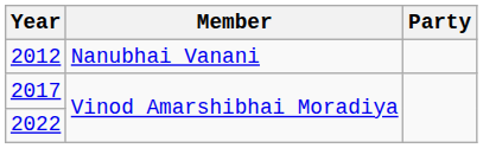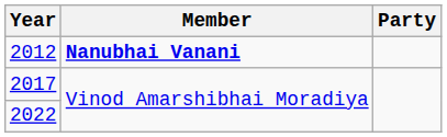 <table class="wikitable sortable">
 <tr>
 <th>Year</th>
 <th>Member</th>
 <th colspan="2">Party</th>
 </tr>
 <tr>
 <td><a href='#'>2012</a></td>
-<td><a href='#'>Nanubhai Vanani</a></td>
+<td><strong><a href='#'>Nanubhai Vanani</a></strong></td>
 <td></td>
 </tr>
 <tr>
 <td><a href='#'>2017</a></td>
 <td rowspan=2><a href='#'>Vinod Amarshibhai Moradiya</a></td>
 </tr>
 <tr>
 <td><a href='#'>2022</a></td>
 </tr>
 </table>
